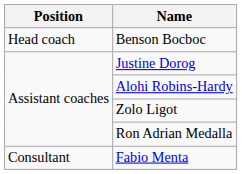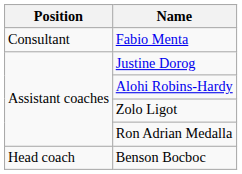 <table class="wikitable" style="font-size:85%">
 <tr>
 <th>Position</th>
 <th>Name</th>
 </tr>
 <tr>
-<td>Head coach</td>
-<td> Benson Bocboc</td>
+<td>Consultant</td>
+<td> <a href='#'>Fabio Menta</a></td>
 </tr>
 <tr>
 <td rowspan="4">Assistant coaches</td>
 <td> <a href='#'>Justine Dorog</a></td>
 </tr>
 <tr>
 <td> <a href='#'>Alohi Robins-Hardy</a></td>
 </tr>
 <tr>
 <td> Zolo Ligot</td>
 </tr>
 <tr>
 <td> Ron Adrian Medalla</td>
 </tr>
 <tr>
-<td>Consultant</td>
-<td> <a href='#'>Fabio Menta</a></td>
+<td>Head coach</td>
+<td> Benson Bocboc</td>
 </tr>
 </table>
